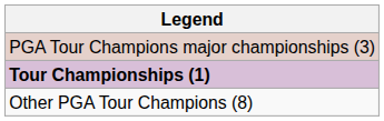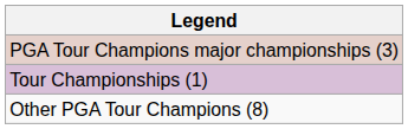 <table class="wikitable" style="font-size:95%;">
 <tr>
 <th>Legend</th>
 </tr>
 <tr style="background:#e5d1cb;">
 <td>PGA Tour Champions major championships (3)</td>
 </tr>
 <tr style="background:thistle;">
-<td><strong>Tour Championships (1)</strong></td>
+<td>Tour Championships (1)</td>
 </tr>
 <tr>
 <td>Other PGA Tour Champions (8)</td>
 </tr>
 </table>
